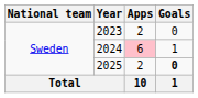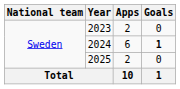 <table class="wikitable" style="text-align:center">
 <tr>
 <th>National team</th>
 <th>Year</th>
 <th>Apps</th>
 <th>Goals</th>
 </tr>
 <tr>
 <td rowspan="3"><a href='#'>Sweden</a></td>
 <td>2023</td>
 <td>2</td>
 <td>0</td>
 </tr>
 <tr>
 <td>2024</td>
-<td style="background: pink;">6</td>
-<td>1</td>
+<td>6</td>
+<td><strong>1</strong></td>
 </tr>
 <tr>
 <td>2025</td>
 <td>2</td>
-<td><strong>0</strong></td>
+<td>0</td>
 </tr>
 <tr>
 <th colspan="2">Total</th>
 <th>10</th>
 <th>1</th>
 </tr>
 </table>
